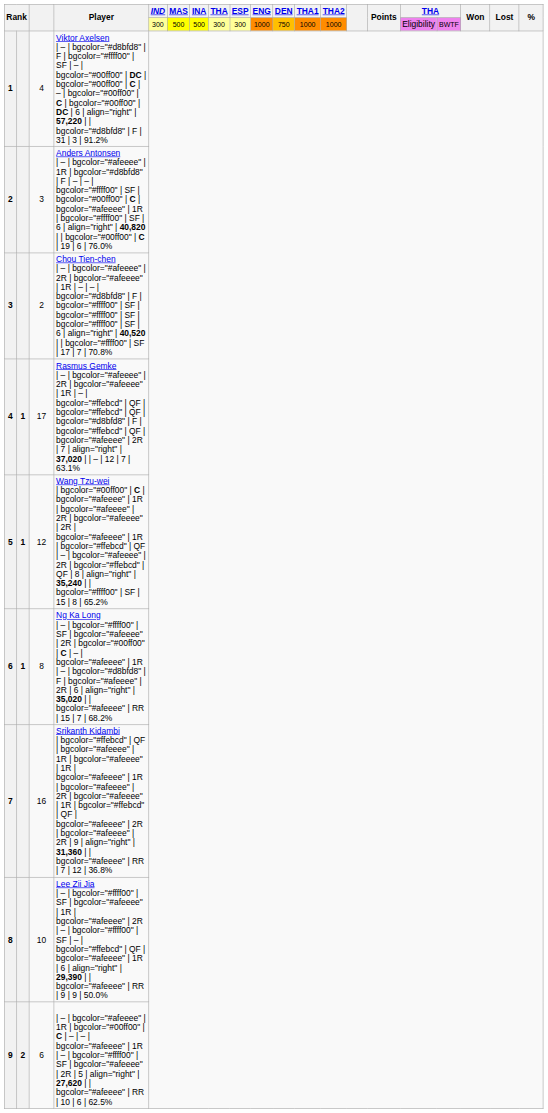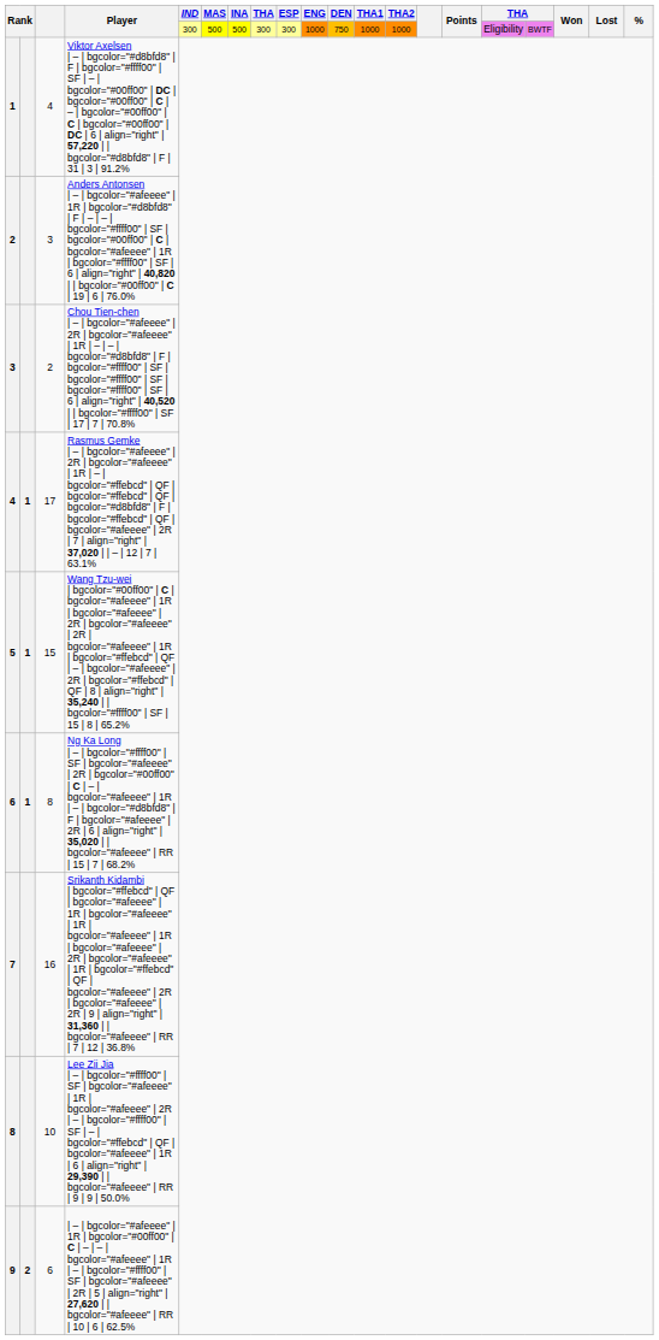 <table class="wikitable" style="font-size:85%; text-align:center">
 <tr>
 <th colspan="2" rowspan="2" width="50">Rank</th>
 <th rowspan="2" width="50"></th>
 <th rowspan="2" width="175">Player</th>
 <th><em><a href='#'>IND</a></em></th>
 <th><a href='#'>MAS</a></th>
 <th><a href='#'>INA</a></th>
 <th><a href='#'>THA</a></th>
 <th><a href='#'>ESP</a></th>
 <th><a href='#'>ENG</a></th>
 <th><a href='#'>DEN</a></th>
 <th><a href='#'>THA1</a></th>
 <th><a href='#'>THA2</a></th>
 <th rowspan="2" width="50"></th>
 <th rowspan="2" width="50">Points</th>
 <th colspan="2"><a href='#'>THA</a></th>
 <th rowspan="2" width="50">Won</th>
 <th rowspan="2" width="50">Lost</th>
 <th rowspan="2" width="50">%</th>
 </tr>
 <tr>
 <td bgcolor="#FFFF99"><small>300</small></td>
 <td bgcolor="#FFFF00"><small>500</small></td>
 <td bgcolor="#FFFF00"><small>500</small></td>
 <td bgcolor="#FFFF99"><small>300</small></td>
 <td bgcolor="#FFFF99"><small>300</small></td>
 <td bgcolor="#FF8C00"><small>1000</small></td>
 <td bgcolor="#FFBF00"><small>750</small></td>
 <td bgcolor="#FF8C00"><small>1000</small></td>
 <td bgcolor="#FF8C00"><small>1000</small></td>
 <td bgcolor="#EE82EE">Eligibility</td>
 <td bgcolor="#EE82EE"><small>BWTF</small></td>
 </tr>
 <tr>
 <th>1</th>
 <th></th>
 <td>4</td>
 <td align="left"> <a href='#'>Viktor Axelsen</a><br>| – | bgcolor="#d8bfd8" | F | bgcolor="#ffff00" | SF | – | bgcolor="#00ff00" | <strong>DC</strong> | bgcolor="#00ff00" | <strong>C</strong> | – | bgcolor="#00ff00" | <strong>C</strong> | bgcolor="#00ff00" | <strong>DC</strong> | 6 | align="right" | <strong>57,220</strong> |  | bgcolor="#d8bfd8" | F | 31 | 3 | 91.2%</td>
 </tr>
 <tr>
 <th>2</th>
 <th></th>
 <td>3</td>
 <td align="left"> <a href='#'>Anders Antonsen</a><br>| – | bgcolor="#afeeee" | 1R | bgcolor="#d8bfd8" | F | – | – | bgcolor="#ffff00" | SF | bgcolor="#00ff00" | <strong>C</strong> | bgcolor="#afeeee" | 1R | bgcolor="#ffff00" | SF | 6 | align="right" | <strong>40,820</strong> |  | bgcolor="#00ff00" | <strong>C</strong> | 19 | 6 | 76.0%</td>
 </tr>
 <tr>
 <th>3</th>
 <th></th>
 <td>2</td>
 <td align="left"> <a href='#'>Chou Tien-chen</a><br>| – | bgcolor="#afeeee" | 2R | bgcolor="#afeeee" | 1R | – | – | bgcolor="#d8bfd8" | F | bgcolor="#ffff00" | SF | bgcolor="#ffff00" | SF | bgcolor="#ffff00" | SF | 6 | align="right" | <strong>40,520</strong> |  | bgcolor="#ffff00" | SF | 17 | 7 | 70.8%</td>
 </tr>
 <tr>
 <th>4</th>
 <th> 1</th>
 <td>17</td>
 <td align="left"> <a href='#'>Rasmus Gemke</a><br>| – | bgcolor="#afeeee" | 2R | bgcolor="#afeeee" | 1R | – | bgcolor="#ffebcd" | QF | bgcolor="#ffebcd" | QF | bgcolor="#d8bfd8" | F | bgcolor="#ffebcd" | QF | bgcolor="#afeeee" | 2R | 7 | align="right" | <strong>37,020</strong> |  | – | 12 | 7 | 63.1%</td>
 </tr>
 <tr>
 <th>5</th>
 <th> 1</th>
-<td>12</td>
+<td>15</td>
 <td align="left"> <a href='#'>Wang Tzu-wei</a><br>| bgcolor="#00ff00" | <strong>C</strong> | bgcolor="#afeeee" | 1R | bgcolor="#afeeee" | 2R | bgcolor="#afeeee" | 2R | bgcolor="#afeeee" | 1R | bgcolor="#ffebcd" | QF | – | bgcolor="#afeeee" | 2R | bgcolor="#ffebcd" | QF | 8 | align="right" | <strong>35,240</strong> |  | bgcolor="#ffff00" | SF | 15 | 8 | 65.2%</td>
 </tr>
 <tr>
 <th>6</th>
 <th> 1</th>
 <td>8</td>
 <td align="left"> <a href='#'>Ng Ka Long</a><br>| – | bgcolor="#ffff00" | SF | bgcolor="#afeeee" | 2R | bgcolor="#00ff00" | <strong>C</strong> | – | bgcolor="#afeeee" | 1R | – | bgcolor="#d8bfd8" | F | bgcolor="#afeeee" | 2R | 6 | align="right" | <strong>35,020</strong> |  | bgcolor="#afeeee" | RR | 15 | 7 | 68.2%</td>
 </tr>
 <tr>
 <th>7</th>
 <th></th>
 <td>16</td>
 <td align="left"> <a href='#'>Srikanth Kidambi</a><br>| bgcolor="#ffebcd" | QF | bgcolor="#afeeee" | 1R | bgcolor="#afeeee" | 1R | bgcolor="#afeeee" | 1R | bgcolor="#afeeee" | 2R | bgcolor="#afeeee" | 1R | bgcolor="#ffebcd" | QF | bgcolor="#afeeee" | 2R | bgcolor="#afeeee" | 2R | 9 | align="right" | <strong>31,360</strong> |  | bgcolor="#afeeee" | RR | 7 | 12 | 36.8%</td>
 </tr>
 <tr>
 <th>8</th>
 <th></th>
 <td>10</td>
 <td align="left"> <a href='#'>Lee Zii Jia</a><br>| – | bgcolor="#ffff00" | SF | bgcolor="#afeeee" | 1R | bgcolor="#afeeee" | 2R | – | bgcolor="#ffff00" | SF | – | bgcolor="#ffebcd" | QF | bgcolor="#afeeee" | 1R | 6 | align="right" | <strong>29,390</strong> |  | bgcolor="#afeeee" | RR | 9 | 9 | 50.0%</td>
 </tr>
 <tr>
 <th>9</th>
 <th> 2</th>
 <td>6</td>
 <td align="left"><br>| – | bgcolor="#afeeee" | 1R | bgcolor="#00ff00" | <strong>C</strong> | – | – | bgcolor="#afeeee" | 1R | – | bgcolor="#ffff00" | SF | bgcolor="#afeeee" | 2R | 5 | align="right" | <strong>27,620</strong> |  | bgcolor="#afeeee" | RR | 10 | 6 | 62.5%</td>
 </tr>
 </table>
